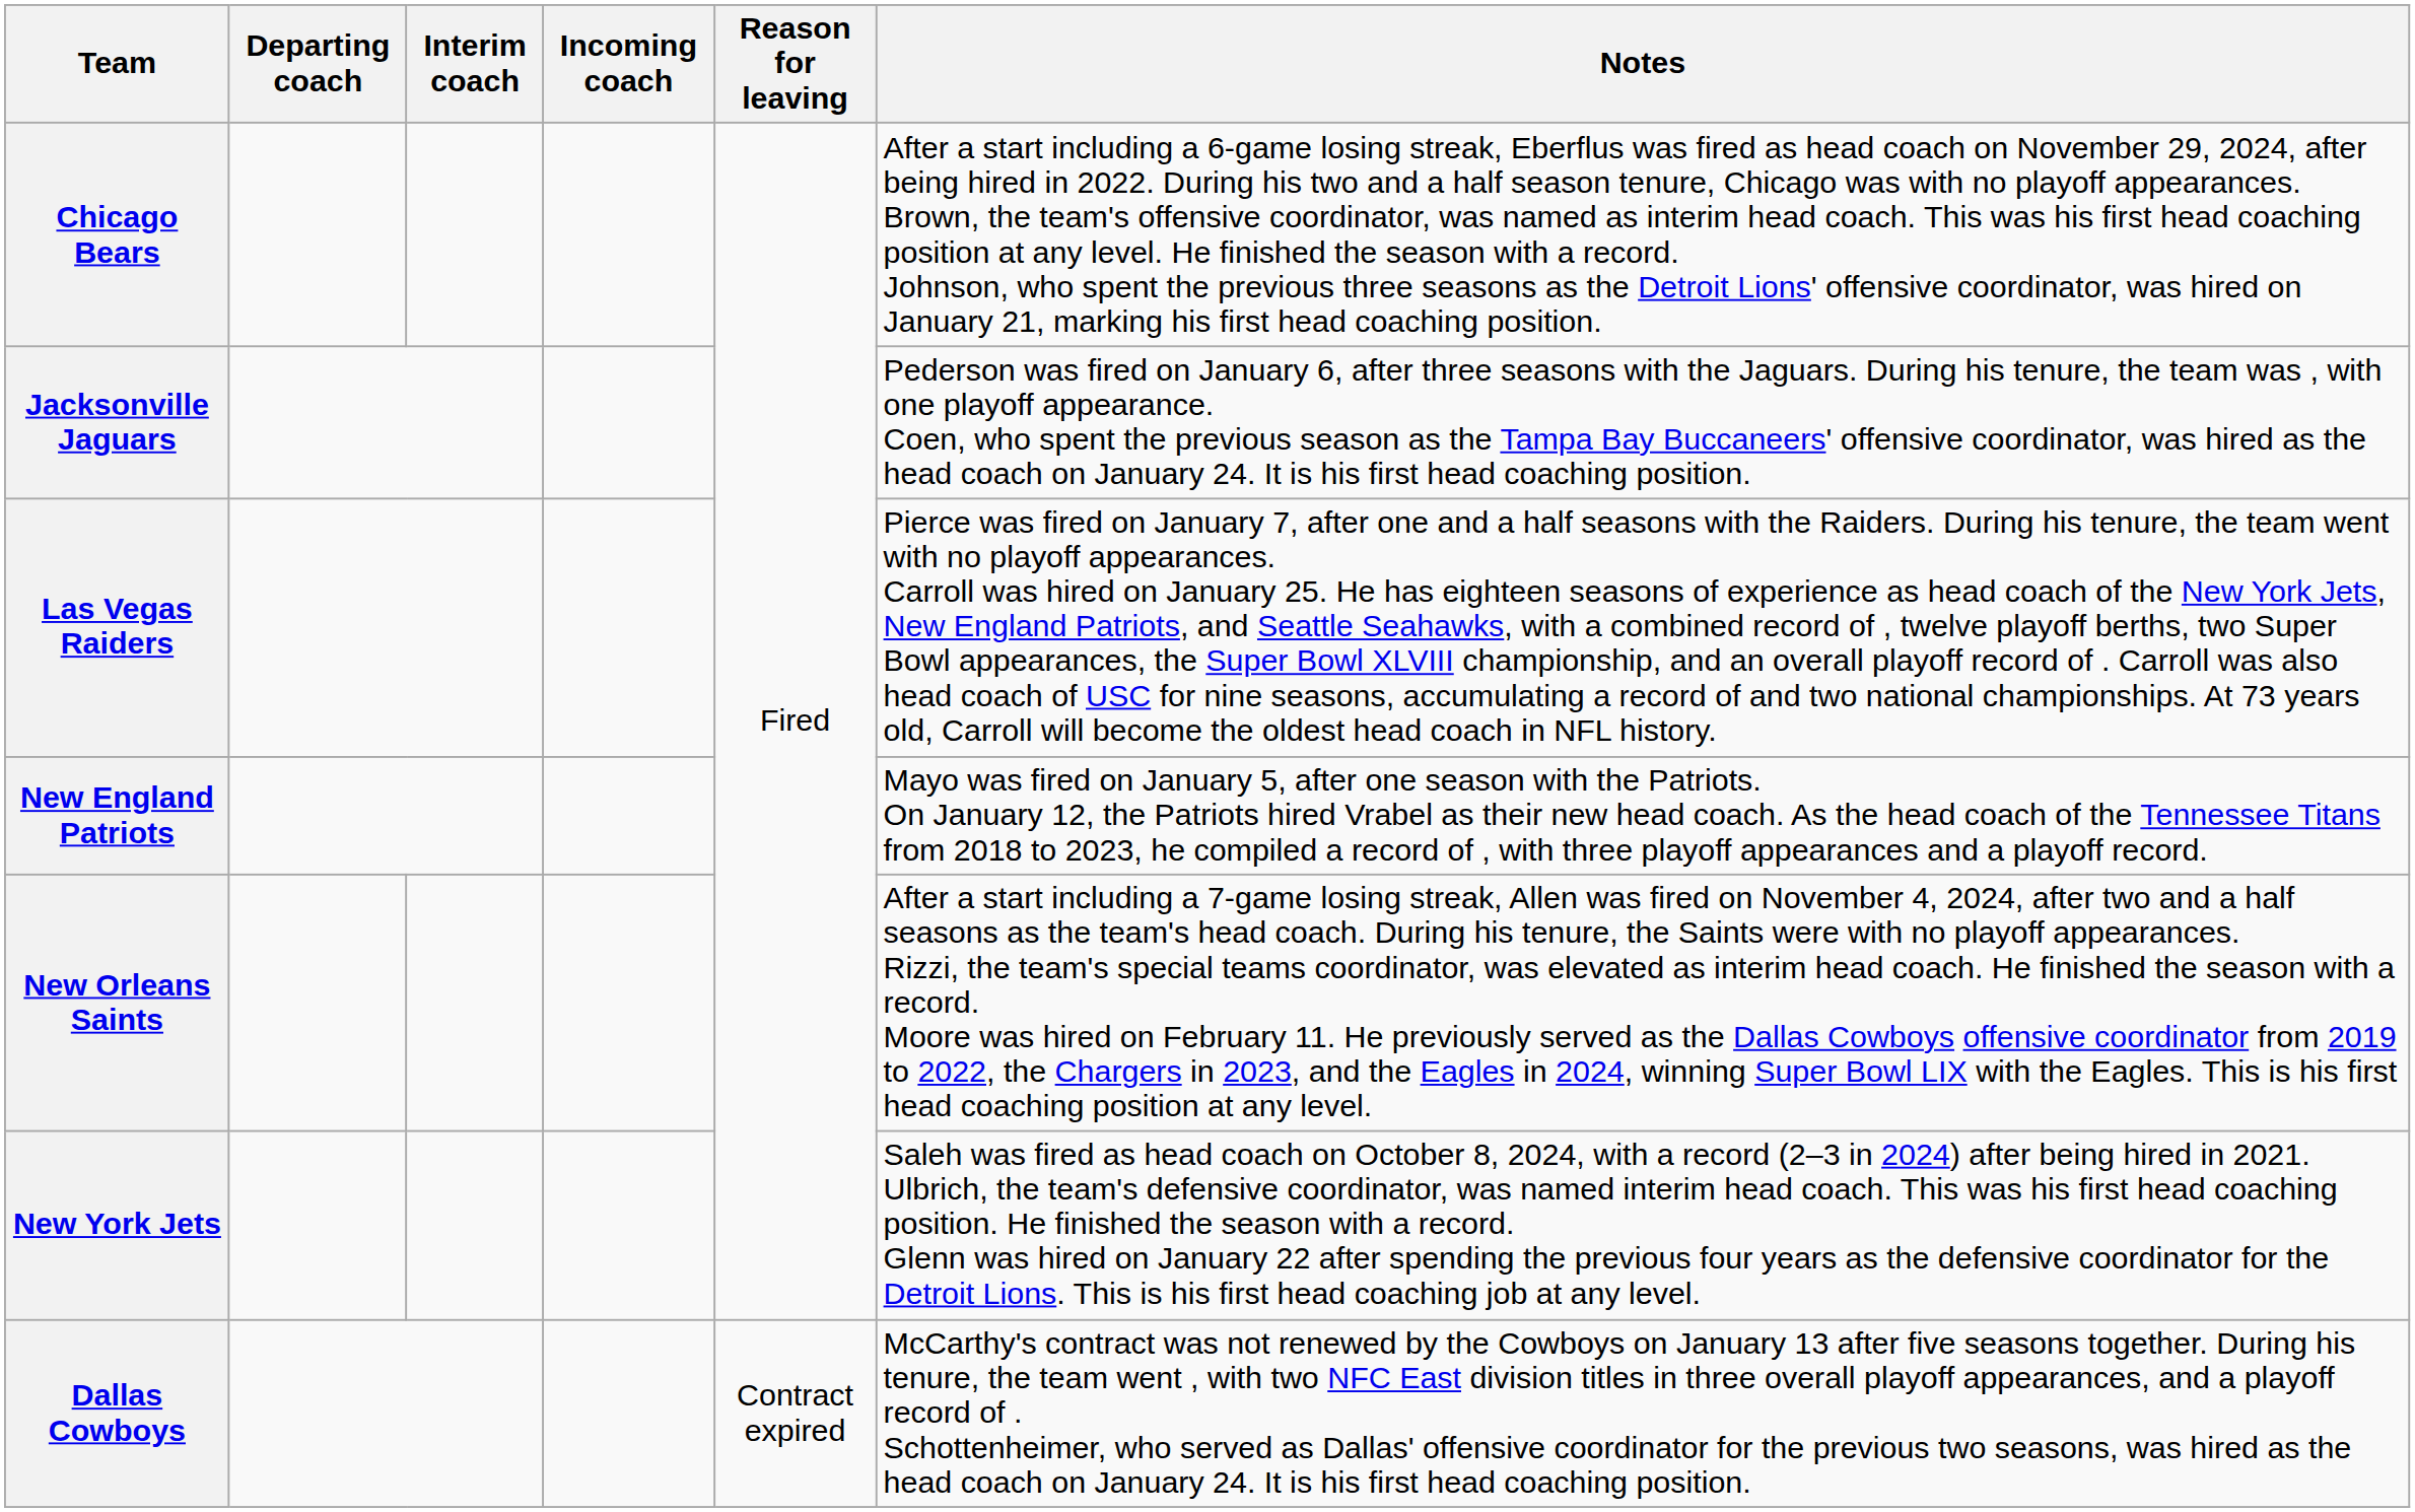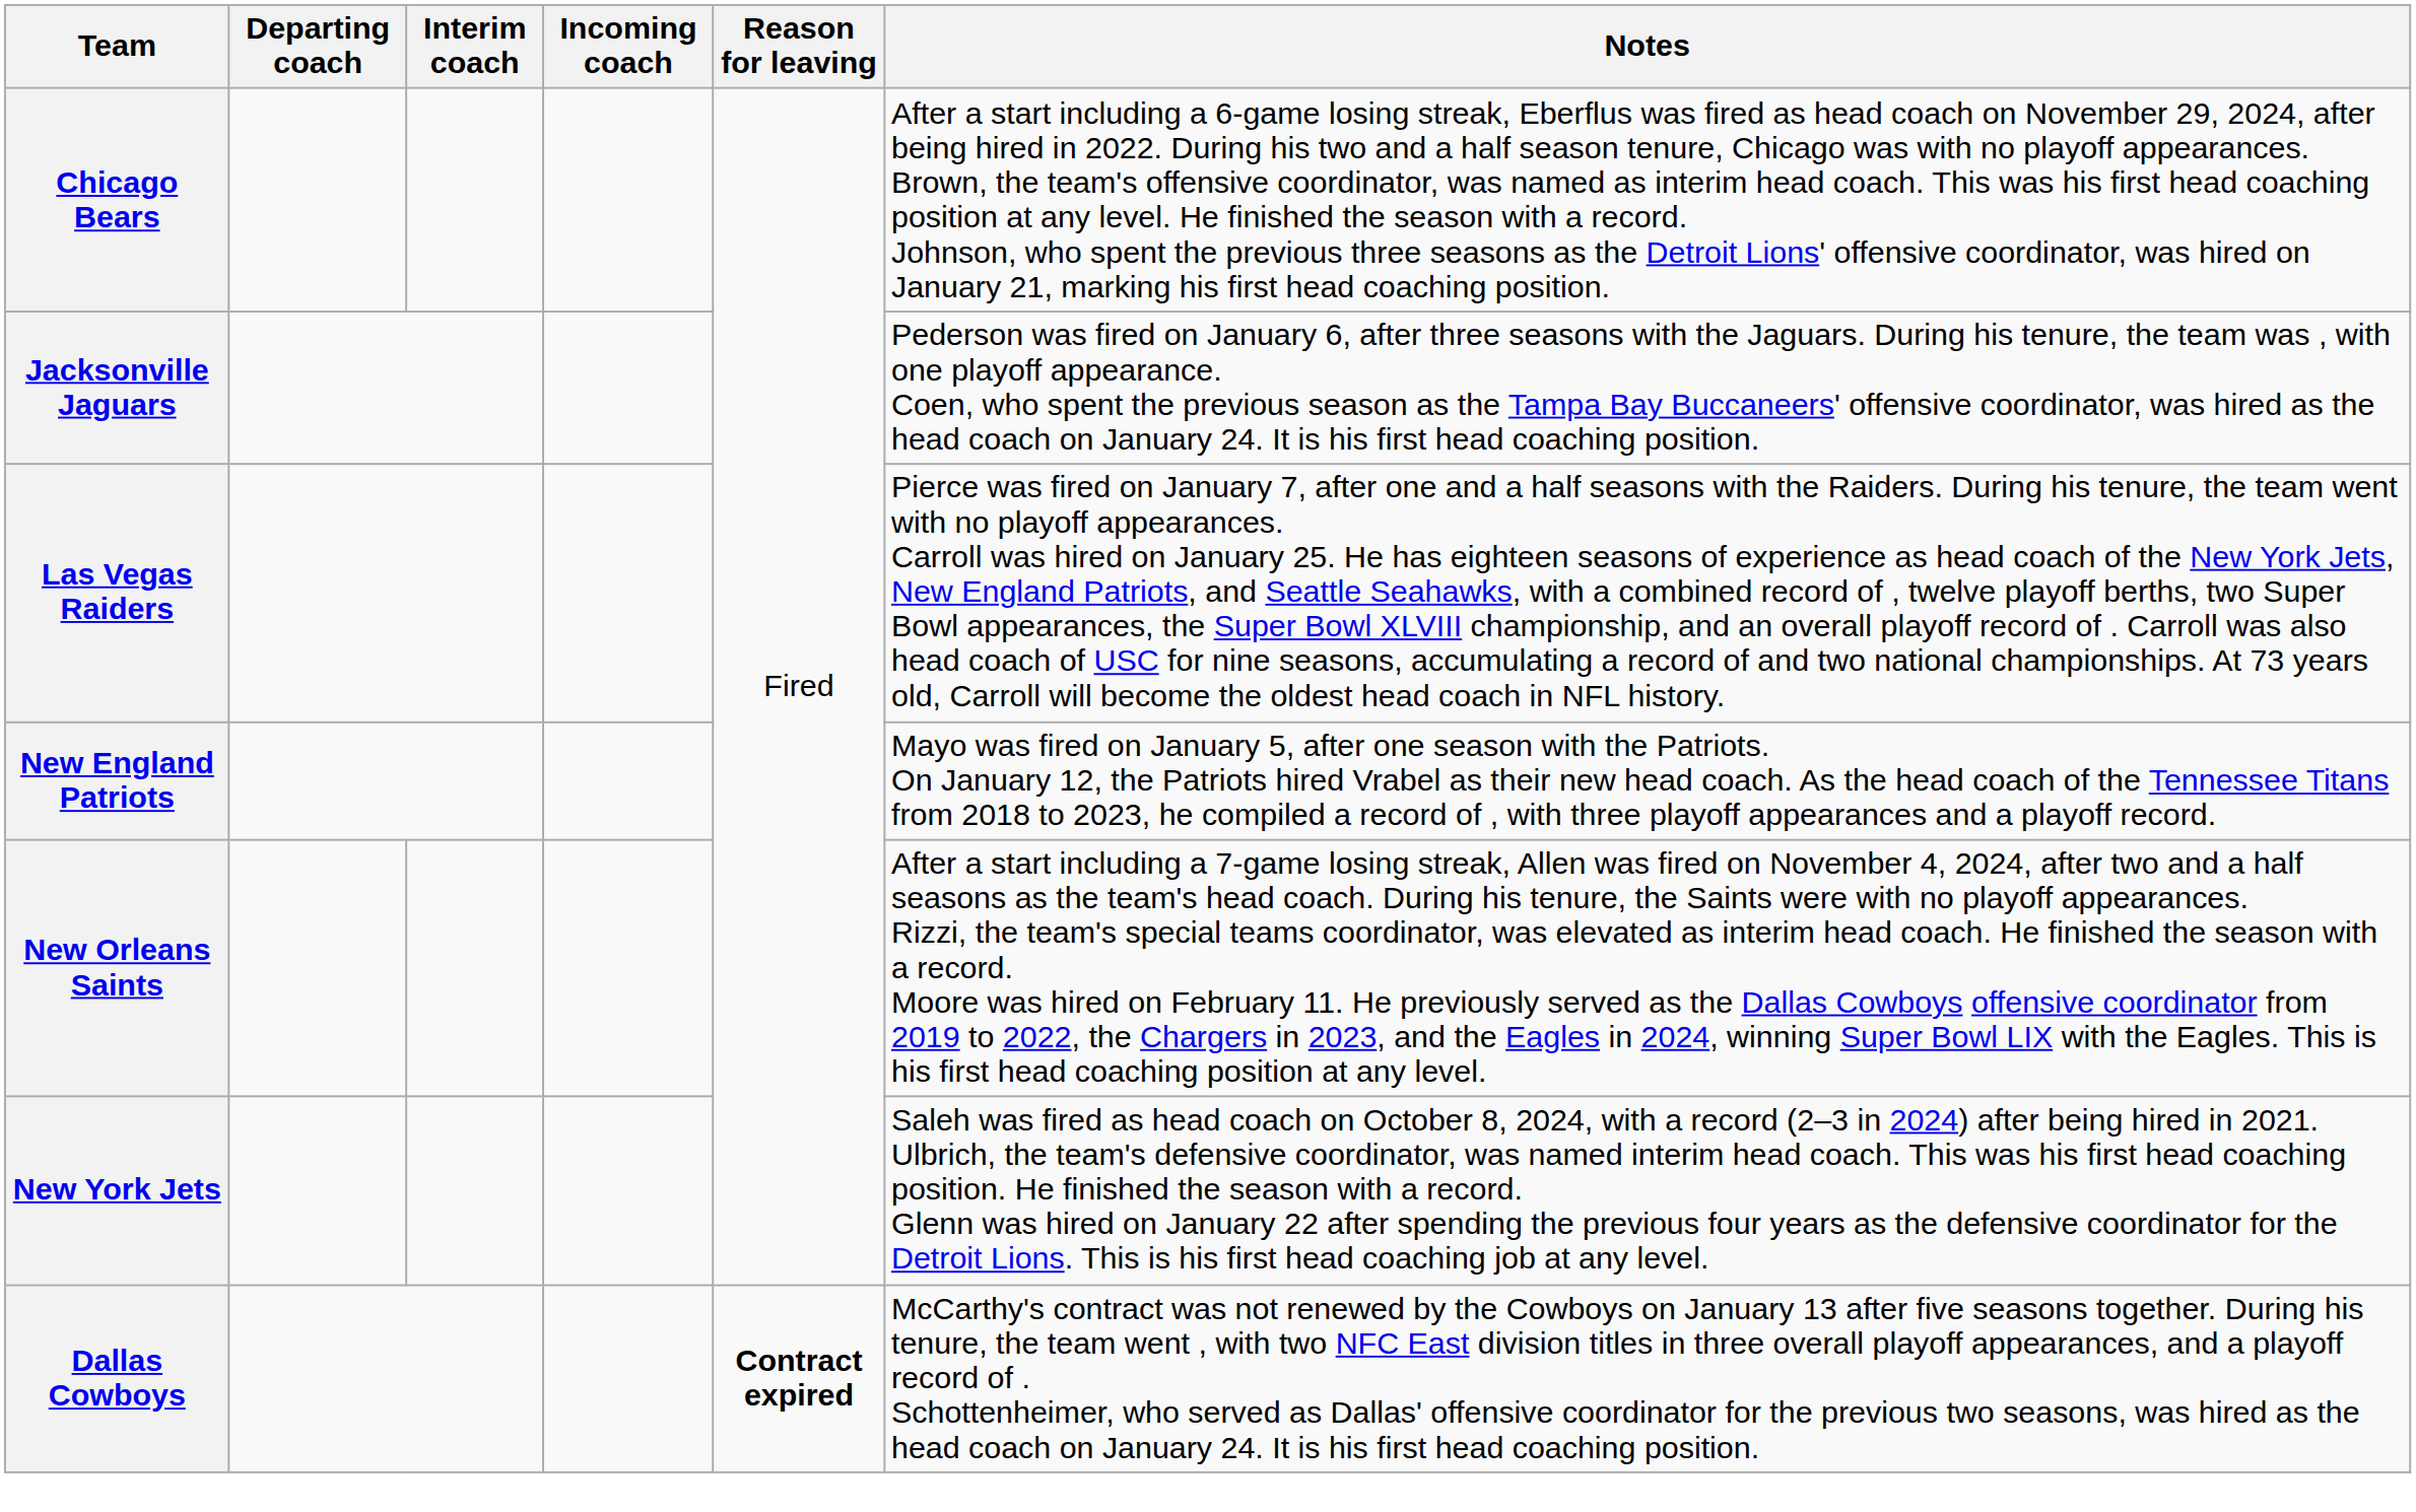 <table class="wikitable sortable plainrowheaders">
 <tr>
 <th scope="col">Team</th>
 <th scope="col">Departing coach</th>
 <th scope="col">Interim coach</th>
 <th scope="col">Incoming coach</th>
 <th scope="col" class="unsortable">Reason for leaving</th>
 <th scope="col" class="unsortable">Notes</th>
 </tr>
 <tr>
 <th scope="row" style="text-align:center;"><a href='#'>Chicago Bears</a></th>
 <td style="text-align:center;"></td>
 <td style="text-align:center;"></td>
 <td style="text-align:center;"></td>
 <td rowspan="6" style="text-align:center;">Fired</td>
 <td>After a  start including a 6-game losing streak, Eberflus was fired as head coach on November 29, 2024, after being hired in 2022. During his two and a half season tenure, Chicago was  with no playoff appearances.<br>Brown, the team's offensive coordinator, was named as interim head coach. This was his first head coaching position at any level. He finished the season with a  record.<br>Johnson, who spent the previous three seasons as the <a href='#'>Detroit Lions</a>' offensive coordinator, was hired on January 21, marking his first head coaching position.</td>
 </tr>
 <tr>
 <th scope="row" style="text-align:center;"><a href='#'>Jacksonville Jaguars</a></th>
 <td style="text-align:center;" colspan="2"></td>
 <td style="text-align:center;"></td>
 <td>Pederson was fired on January 6, after three seasons with the Jaguars. During his tenure, the team was , with one playoff appearance.<br>Coen, who spent the previous season as the <a href='#'>Tampa Bay Buccaneers</a>' offensive coordinator, was hired as the head coach on January 24. It is his first head coaching position.</td>
 </tr>
 <tr>
 <th scope="row" style="text-align:center;"><a href='#'>Las Vegas Raiders</a></th>
 <td style="text-align:center;" colspan="2"></td>
 <td style="text-align:center;"></td>
 <td>Pierce was fired on January 7, after one and a half seasons with the Raiders. During his tenure, the team went  with no playoff appearances.<br>Carroll was hired on January 25. He has eighteen seasons of experience as head coach of the <a href='#'>New York Jets</a>, <a href='#'>New England Patriots</a>, and <a href='#'>Seattle Seahawks</a>, with a combined record of , twelve playoff berths, two Super Bowl appearances, the <a href='#'>Super Bowl XLVIII</a> championship, and an overall playoff record of . Carroll was also head coach of <a href='#'>USC</a> for nine seasons, accumulating a record of  and two national championships. At 73 years old, Carroll will become the oldest head coach in NFL history.</td>
 </tr>
 <tr>
 <th scope="row" style="text-align:center;"><a href='#'>New England Patriots</a></th>
 <td style="text-align:center;" colspan="2"></td>
 <td style="text-align:center;"></td>
 <td>Mayo was fired on January 5, after one  season with the Patriots.<br>On January 12, the Patriots hired Vrabel as their new head coach. As the head coach of the <a href='#'>Tennessee Titans</a> from 2018 to 2023, he compiled a record of , with three playoff appearances and a  playoff record.</td>
 </tr>
 <tr>
 <th scope="row" style="text-align:center;"><a href='#'>New Orleans Saints</a></th>
 <td style="text-align:center;"></td>
 <td style="text-align:center;"></td>
 <td style="text-align:center;"></td>
 <td>After a  start including a 7-game losing streak, Allen was fired on November 4, 2024, after two and a half seasons as the team's head coach. During his tenure, the Saints were  with no playoff appearances.<br>Rizzi, the team's special teams coordinator, was elevated as interim head coach. He finished the season with a  record.<br>Moore was hired on February 11. He previously served as the <a href='#'>Dallas Cowboys</a> <a href='#'>offensive coordinator</a> from <a href='#'>2019</a> to <a href='#'>2022</a>, the <a href='#'>Chargers</a> in <a href='#'>2023</a>, and the <a href='#'>Eagles</a> in <a href='#'>2024</a>, winning <a href='#'>Super Bowl LIX</a> with the Eagles. This is his first head coaching position at any level.</td>
 </tr>
 <tr>
 <th scope="row" style="text-align:center;"><a href='#'>New York Jets</a></th>
 <td style="text-align:center;"></td>
 <td style="text-align:center;"></td>
 <td style="text-align:center;"></td>
 <td>Saleh was fired as head coach on October 8, 2024, with a  record (2–3 in <a href='#'>2024</a>) after being hired in 2021.<br>Ulbrich, the team's defensive coordinator, was named interim head coach. This was his first head coaching position. He finished the season with a  record.<br>Glenn was hired on January 22 after spending the previous four years as the defensive coordinator for the <a href='#'>Detroit Lions</a>. This is his first head coaching job at any level.</td>
 </tr>
 <tr>
 <th scope="row" style="text-align:center;"><a href='#'>Dallas Cowboys</a></th>
 <td style="text-align:center;" colspan="2"></td>
 <td style="text-align:center;"></td>
-<td style="text-align:center;">Contract expired</td>
+<td style="text-align:center;"><strong>Contract expired</strong></td>
 <td>McCarthy's contract was not renewed by the Cowboys on January 13 after five seasons together. During his tenure, the team went , with two <a href='#'>NFC East</a> division titles in three overall playoff appearances, and a playoff record of .<br>Schottenheimer, who served as Dallas' offensive coordinator for the previous two seasons, was hired as the head coach on January 24. It is his first head coaching position.</td>
 </tr>
 </table>
